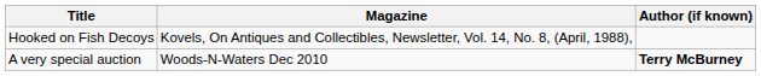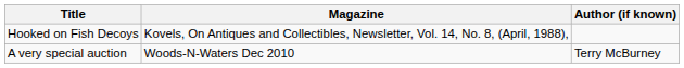 <table class="wikitable">
 <tr>
 <th>Title</th>
 <th>Magazine</th>
 <th>Author (if known)</th>
 </tr>
 <tr>
 <td>Hooked on Fish Decoys</td>
 <td>Kovels, On Antiques and Collectibles, Newsletter, Vol. 14, No. 8, (April, 1988),</td>
 </tr>
 <tr>
 <td>A very special auction</td>
 <td>Woods-N-Waters Dec 2010</td>
-<td><strong>Terry McBurney</strong></td>
+<td>Terry McBurney</td>
 </tr>
 </table>
